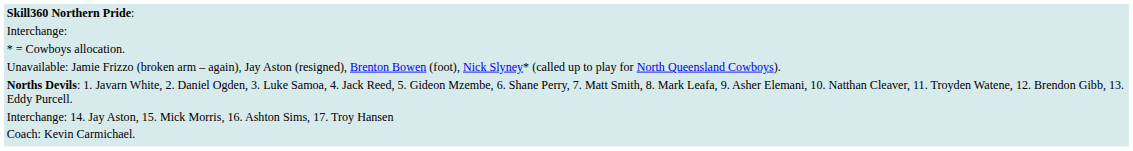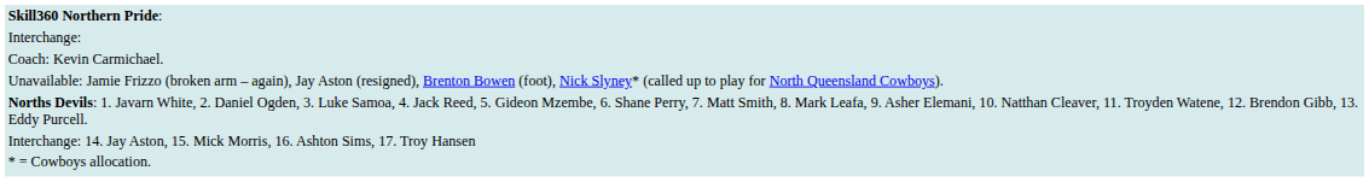 <table style="background:#d7ebed; font-size:85%; width:100%;">
 <tr>
 <td><strong>Skill360 Northern Pride</strong>:            </td>
 </tr>
 <tr>
 <td>Interchange:    </td>
 </tr>
 <tr>
-<td>* = Cowboys allocation.</td>
+<td>Coach: Kevin Carmichael.</td>
 </tr>
 <tr>
 <td>Unavailable: Jamie Frizzo (broken arm – again), Jay Aston (resigned), <a href='#'>Brenton Bowen</a> (foot), <a href='#'>Nick Slyney</a>* (called up to play for <a href='#'>North Queensland Cowboys</a>).</td>
 </tr>
 <tr>
 <td><strong>Norths Devils</strong>: 1. Javarn White, 2. Daniel Ogden, 3. Luke Samoa, 4. Jack Reed, 5. Gideon Mzembe, 6. Shane Perry, 7. Matt Smith, 8. Mark Leafa, 9. Asher Elemani, 10. Natthan Cleaver, 11. Troyden Watene, 12. Brendon Gibb, 13. Eddy Purcell.</td>
 </tr>
 <tr>
 <td>Interchange: 14. Jay Aston, 15. Mick Morris, 16. Ashton Sims, 17. Troy Hansen</td>
 </tr>
 <tr>
-<td>Coach: Kevin Carmichael.</td>
+<td>* = Cowboys allocation.</td>
 </tr>
 <tr>
 </tr>
 </table>
